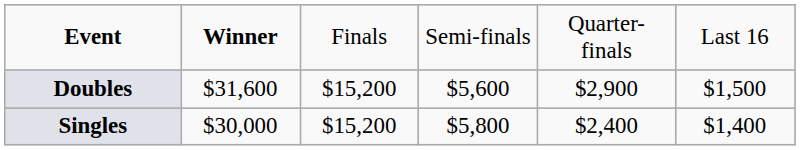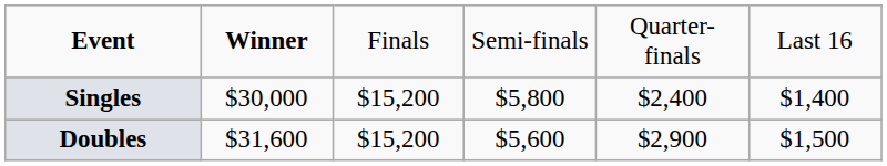 <table class=wikitable style="font-size:90%;text-align:center">
 <tr>
 <td style="width:104px;"><strong>Event</strong></td>
 <td style="width:68px;"><strong>Winner</strong></td>
 <td style="width:68px;">Finals</td>
 <td style="width:68px;">Semi-finals</td>
 <td style="width:80px;">Quarter-finals</td>
 <td style="width:68px;">Last 16</td>
 </tr>
 <tr>
+<td style="background:#dfe2e9;"><strong>Singles</strong></td>
+<td>$30,000</td>
+<td>$15,200</td>
+<td>$5,800</td>
+<td>$2,400</td>
+<td>$1,400</td>
+</tr>
+<tr>
 <td style="background:#dfe2e9;"><strong>Doubles</strong></td>
 <td>$31,600</td>
 <td>$15,200</td>
 <td>$5,600</td>
 <td>$2,900</td>
 <td>$1,500</td>
 </tr>
-<tr>
-<td style="background:#dfe2e9;"><strong>Singles</strong></td>
-<td>$30,000</td>
-<td>$15,200</td>
-<td>$5,800</td>
-<td>$2,400</td>
-<td>$1,400</td>
-</tr>
 </table>
